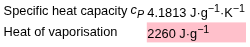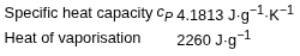 <table>
 <tr>
 <td></td>
 <td>Specific heat capacity</td>
 <td><em>c<sub>P</sub></em></td>
 <td>4.1813 J·g<sup>−1</sup>·K<sup>−1</sup></td>
 </tr>
 <tr>
 <td></td>
 <td>Heat of vaporisation</td>
 <td></td>
-<td style="background: pink;">2260 J·g<sup>−1</sup></td>
+<td>2260 J·g<sup>−1</sup></td>
 </tr>
 </table>
